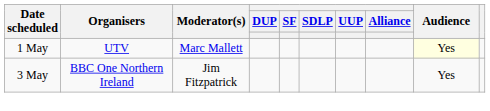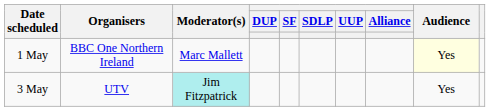 <table class="wikitable" style="font-size:95%; text-align:center;">
 <tr>
 <th rowspan="3">Date <br>scheduled</th>
 <th rowspan="3">Organisers</th>
 <th rowspan="3">Moderator(s)</th>
 <th colspan="5"> </th>
 <th rowspan="3" scope="col" style="width:5em;">Audience</th>
 <th rowspan="3"></th>
 </tr>
 <tr>
 <th><a href='#'>DUP</a></th>
 <th><a href='#'>SF</a></th>
 <th><a href='#'>SDLP</a></th>
 <th><a href='#'>UUP</a></th>
 <th><a href='#'>Alliance</a></th>
 </tr>
 <tr>
 <th style="background:"></th>
 <th style="background:"></th>
 <th style="background:"></th>
 <th style="background:"></th>
 <th style="background:"></th>
 </tr>
 <tr>
 <td>1 May</td>
-<td><a href='#'>UTV</a></td>
+<td><a href='#'>BBC One Northern Ireland</a></td>
 <td><a href='#'>Marc Mallett</a></td>
 <td></td>
 <td></td>
 <td></td>
 <td></td>
 <td></td>
 <td style="background: lightyellow;">Yes</td>
 <td></td>
 </tr>
 <tr>
 <td>3 May</td>
-<td><a href='#'>BBC One Northern Ireland</a></td>
-<td>Jim Fitzpatrick</td>
+<td><a href='#'>UTV</a></td>
+<td style="background: paleturquoise;">Jim Fitzpatrick</td>
 <td></td>
 <td></td>
 <td></td>
 <td></td>
 <td></td>
 <td>Yes</td>
 <td></td>
 </tr>
 </table>
